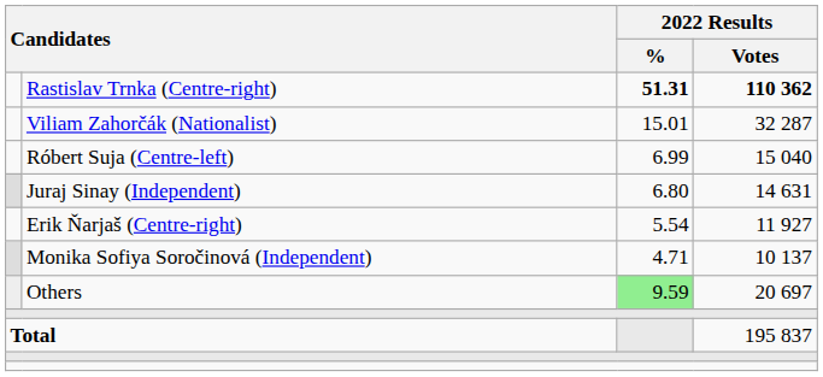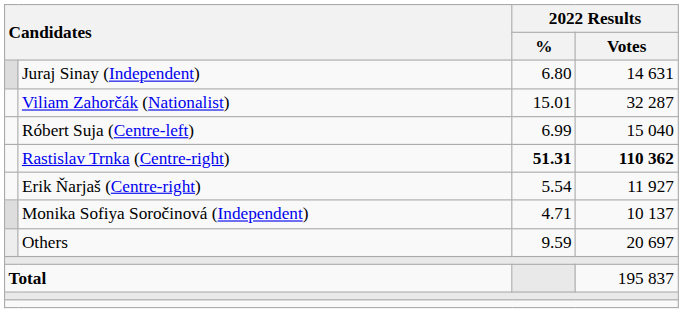 <table class="wikitable" style="text-align:right; font-size:97%;">
 <tr>
 <th style="text-align:left;" rowspan="2" colspan="2" width="450">Candidates</th>
 <th colspan="2">2022 Results</th>
 </tr>
 <tr>
 <th width="50">%</th>
 <th width="85">Votes</th>
 </tr>
 <tr>
-<td style="color:inherit;background:"></td>
-<td align="left"><a href='#'>Rastislav Trnka</a> (<a href='#'>Centre-right</a>)</td>
-<td><strong>51.31</strong></td>
-<td><strong>110 362</strong></td>
+<td style="color:inherit;background:#dddddd"></td>
+<td align="left">Juraj Sinay (<a href='#'>Independent</a>)</td>
+<td>6.80</td>
+<td>14 631</td>
 </tr>
 <tr>
 <td style="color:inherit;background:"></td>
 <td align="left"><a href='#'>Viliam Zahorčák</a> (<a href='#'>Nationalist</a>)</td>
 <td>15.01</td>
 <td>32 287</td>
 </tr>
 <tr>
 <td style="color:inherit;background:"></td>
 <td align="left">Róbert Suja (<a href='#'>Centre-left</a>)</td>
 <td>6.99</td>
 <td>15 040</td>
 </tr>
 <tr>
-<td style="color:inherit;background:#dddddd"></td>
-<td align="left">Juraj Sinay (<a href='#'>Independent</a>)</td>
-<td>6.80</td>
-<td>14 631</td>
+<td style="color:inherit;background:"></td>
+<td align="left"><a href='#'>Rastislav Trnka</a> (<a href='#'>Centre-right</a>)</td>
+<td><strong>51.31</strong></td>
+<td><strong>110 362</strong></td>
 </tr>
 <tr>
 <td style="color:inherit;background:"></td>
 <td align="left">Erik Ňarjaš (<a href='#'>Centre-right</a>)</td>
 <td>5.54</td>
 <td>11 927</td>
 </tr>
 <tr>
 <td style="color:inherit;background:#dddddd"></td>
 <td align="left">Monika Sofiya Soročinová (<a href='#'>Independent</a>)</td>
 <td>4.71</td>
 <td>10 137</td>
 </tr>
 <tr>
 <td style="color:inherit;background:#eeeeee"></td>
 <td align="left">Others</td>
-<td style="background: lightgreen;">9.59</td>
+<td>9.59</td>
 <td>20 697</td>
 </tr>
 <tr>
 <td colspan="4" bgcolor="#E9E9E9"></td>
 </tr>
 <tr>
 <td align="left" colspan="2"><strong>Total</strong></td>
 <td bgcolor="#E9E9E9"></td>
 <td>195 837</td>
 </tr>
 <tr>
 <td colspan="4" bgcolor="#E9E9E9"></td>
 </tr>
 <tr>
 <td colspan="4"></td>
 </tr>
 </table>
